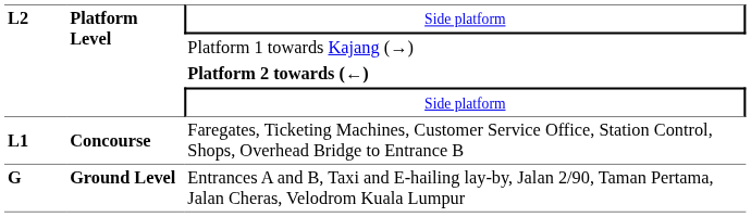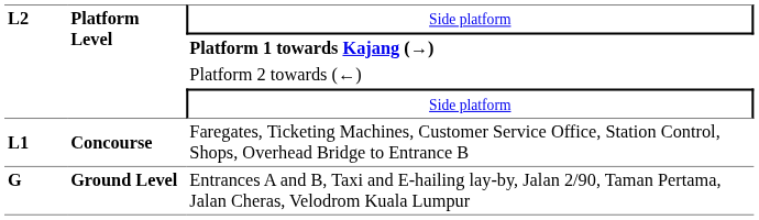 <table cellpadding="3" cellspacing="0" border="0">
 <tr>
 <td rowspan="4" valign="top" width="50" style="border-top:solid 1px gray;border-bottom:solid 1px gray;"><strong>L2</strong></td>
 <td rowspan="4" valign="top" width="100" style="border-top:solid 1px gray;border-bottom:solid 1px gray;"><strong>Platform Level</strong></td>
 <td colspan="1" style="width=500;border-top:solid 1px gray;border-right:solid 2px black;border-left:solid 2px black;border-bottom:solid 2px black;text-align:center;"><small><a href='#'>Side platform</a></small></td>
 </tr>
 <tr>
-<td width="500">Platform 1   towards <a href='#'>Kajang</a>  (→)</td>
+<td width="500"><strong>Platform 1   towards <a href='#'>Kajang</a>  (→)</strong></td>
 </tr>
 <tr>
-<td width="500"><strong>Platform 2   towards   (←)</strong></td>
+<td width="500">Platform 2   towards   (←)</td>
 </tr>
 <tr>
 <td colspan="1" style="width=500;border-top:solid 2px black;border-right:solid 2px black;border-left:solid 2px black;border-bottom:solid 1px gray;text-align:center;"><small><a href='#'>Side platform</a></small></td>
 </tr>
 <tr>
 <td><strong>L1</strong></td>
 <td><strong>Concourse</strong></td>
 <td>Faregates, Ticketing Machines, Customer Service Office, Station Control, Shops, Overhead Bridge to Entrance B</td>
 </tr>
 <tr>
 <td rowspan="4" valign="top" width="50" style="border-top:solid 1px gray;border-bottom:solid 1px gray;"><strong>G</strong></td>
 <td rowspan="4" valign="top" width="50" style="border-top:solid 1px gray;border-bottom:solid 1px gray;"><strong>Ground Level</strong></td>
 <td rowspan="4" valign="top" width="50" style="border-top:solid 1px gray;border-bottom:solid 1px gray;">Entrances A and B, Taxi and E-hailing lay-by, Jalan 2/90, Taman Pertama, Jalan Cheras, Velodrom Kuala Lumpur</td>
 </tr>
 </table>
